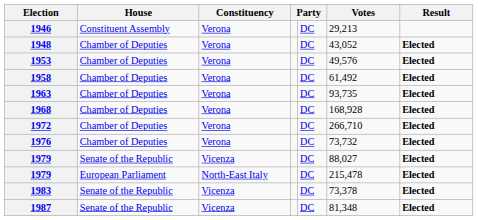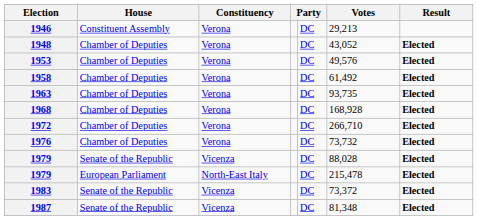 <table class=wikitable style="width:58%; border:1px #AAAAFF solid">
 <tr>
 <th width=12%>Election</th>
 <th width=20%>House</th>
 <th width=15%>Constituency</th>
 <th width=5% colspan="2">Party</th>
 <th width=12%>Votes</th>
 <th width=12%>Result</th>
 </tr>
 <tr>
 <th><a href='#'>1946</a></th>
 <td><a href='#'>Constituent Assembly</a></td>
 <td><a href='#'>Verona</a></td>
 <td></td>
 <td><a href='#'>DC</a></td>
 <td>29,213</td>
 <td></td>
 </tr>
 <tr>
 <th><a href='#'>1948</a></th>
 <td><a href='#'>Chamber of Deputies</a></td>
 <td><a href='#'>Verona</a></td>
 <td></td>
 <td><a href='#'>DC</a></td>
 <td>43,052</td>
 <td> <strong>Elected</strong></td>
 </tr>
 <tr>
 <th><a href='#'>1953</a></th>
 <td><a href='#'>Chamber of Deputies</a></td>
 <td><a href='#'>Verona</a></td>
 <td></td>
 <td><a href='#'>DC</a></td>
 <td>49,576</td>
 <td> <strong>Elected</strong></td>
 </tr>
 <tr>
 <th><a href='#'>1958</a></th>
 <td><a href='#'>Chamber of Deputies</a></td>
 <td><a href='#'>Verona</a></td>
 <td></td>
 <td><a href='#'>DC</a></td>
 <td>61,492</td>
 <td> <strong>Elected</strong></td>
 </tr>
 <tr>
 <th><a href='#'>1963</a></th>
 <td><a href='#'>Chamber of Deputies</a></td>
 <td><a href='#'>Verona</a></td>
 <td></td>
 <td><a href='#'>DC</a></td>
 <td>93,735</td>
 <td> <strong>Elected</strong></td>
 </tr>
 <tr>
 <th><a href='#'>1968</a></th>
 <td><a href='#'>Chamber of Deputies</a></td>
 <td><a href='#'>Verona</a></td>
 <td></td>
 <td><a href='#'>DC</a></td>
 <td>168,928</td>
 <td> <strong>Elected</strong></td>
 </tr>
 <tr>
 <th><a href='#'>1972</a></th>
 <td><a href='#'>Chamber of Deputies</a></td>
 <td><a href='#'>Verona</a></td>
 <td></td>
 <td><a href='#'>DC</a></td>
 <td>266,710</td>
 <td> <strong>Elected</strong></td>
 </tr>
 <tr>
 <th><a href='#'>1976</a></th>
 <td><a href='#'>Chamber of Deputies</a></td>
 <td><a href='#'>Verona</a></td>
 <td></td>
 <td><a href='#'>DC</a></td>
 <td>73,732</td>
 <td> <strong>Elected</strong></td>
 </tr>
 <tr>
 <th><a href='#'>1979</a></th>
 <td><a href='#'>Senate of the Republic</a></td>
 <td><a href='#'>Vicenza</a></td>
 <td></td>
 <td><a href='#'>DC</a></td>
-<td>88,027</td>
+<td>88,028</td>
 <td> <strong>Elected</strong></td>
 </tr>
 <tr>
 <th><a href='#'>1979</a></th>
 <td><a href='#'>European Parliament</a></td>
 <td><a href='#'>North-East Italy</a></td>
 <td></td>
 <td><a href='#'>DC</a></td>
 <td>215,478</td>
 <td> <strong>Elected</strong></td>
 </tr>
 <tr>
 <th><a href='#'>1983</a></th>
 <td><a href='#'>Senate of the Republic</a></td>
 <td><a href='#'>Vicenza</a></td>
 <td></td>
 <td><a href='#'>DC</a></td>
-<td>73,378</td>
+<td>73,372</td>
 <td> <strong>Elected</strong></td>
 </tr>
 <tr>
 <th><a href='#'>1987</a></th>
 <td><a href='#'>Senate of the Republic</a></td>
 <td><a href='#'>Vicenza</a></td>
 <td></td>
 <td><a href='#'>DC</a></td>
 <td>81,348</td>
 <td> <strong>Elected</strong></td>
 </tr>
 </table>
